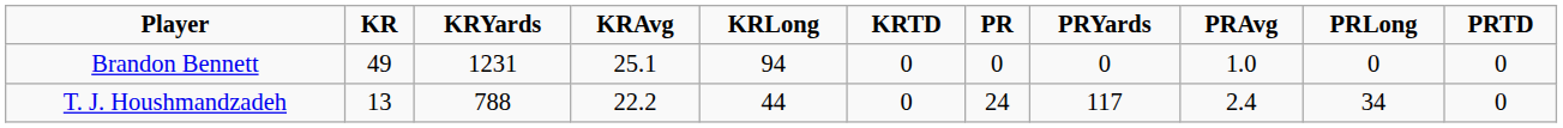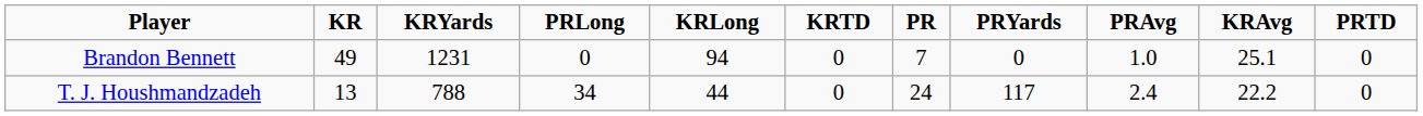 <table class="wikitable" width="80%">
 <tr align="center">
 <td><strong>Player</strong></td>
 <td><strong>KR</strong></td>
 <td><strong>KRYards</strong></td>
-<td><strong>KRAvg</strong></td>
+<td><strong>PRLong</strong></td>
 <td><strong>KRLong</strong></td>
 <td><strong>KRTD</strong></td>
 <td><strong>PR</strong></td>
 <td><strong>PRYards</strong></td>
 <td><strong>PRAvg</strong></td>
-<td><strong>PRLong</strong></td>
+<td><strong>KRAvg</strong></td>
 <td><strong>PRTD</strong></td>
 </tr>
 <tr align="center" bgcolor="">
 <td><a href='#'>Brandon Bennett</a></td>
 <td>49</td>
 <td>1231</td>
-<td>25.1</td>
+<td>0</td>
 <td>94</td>
 <td>0</td>
-<td>0</td>
+<td>7</td>
 <td>0</td>
 <td>1.0</td>
-<td>0</td>
+<td>25.1</td>
 <td>0</td>
 </tr>
 <tr align="center" bgcolor="">
 <td><a href='#'>T. J. Houshmandzadeh</a></td>
 <td>13</td>
 <td>788</td>
-<td>22.2</td>
+<td>34</td>
 <td>44</td>
 <td>0</td>
 <td>24</td>
 <td>117</td>
 <td>2.4</td>
-<td>34</td>
+<td>22.2</td>
 <td>0</td>
 </tr>
 </table>
